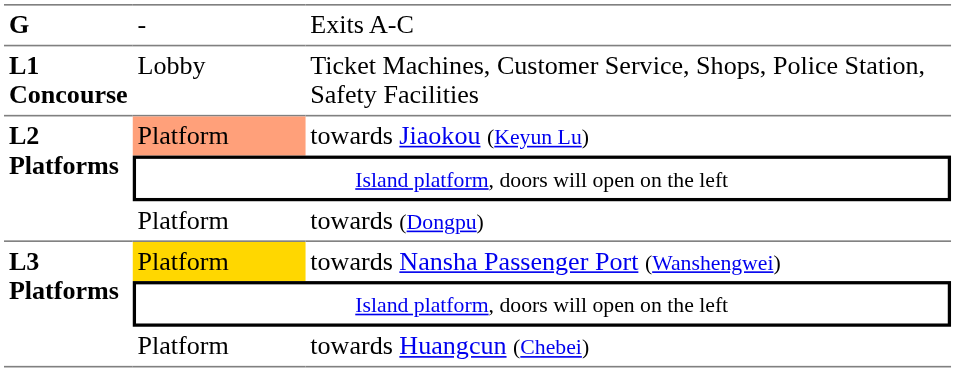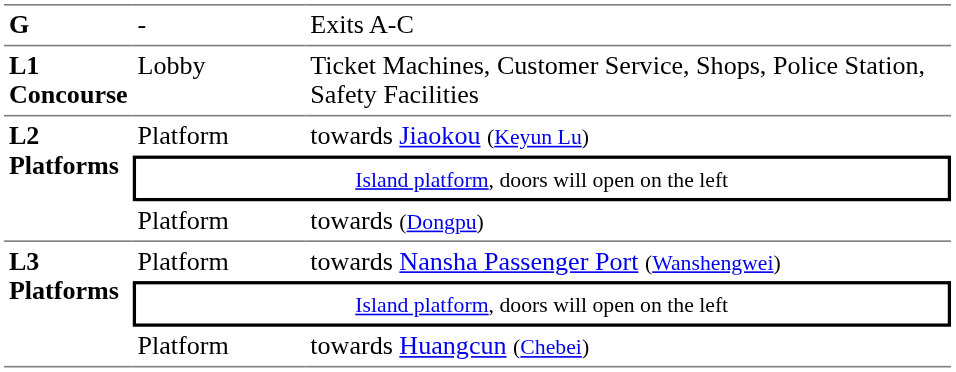 <table table border=0 cellspacing=0 cellpadding=3>
 <tr>
 <td style="border-top:solid 1px gray;" width=50 valign=top><strong>G</strong></td>
 <td style="border-top:solid 1px gray;" width=100 valign=top>-</td>
 <td style="border-top:solid 1px gray;" width=390 valign=top>Exits A-C</td>
 </tr>
 <tr>
 <td style="border-bottom:solid 1px gray; border-top:solid 1px gray;" valign=top width=50><strong>L1<br>Concourse</strong></td>
 <td style="border-bottom:solid 1px gray; border-top:solid 1px gray;" valign=top width=100>Lobby</td>
 <td style="border-bottom:solid 1px gray; border-top:solid 1px gray;" valign=top width=390>Ticket Machines, Customer Service, Shops, Police Station, Safety Facilities</td>
 </tr>
 <tr>
 <td style="border-bottom:solid 1px gray;" rowspan=3 valign=top><strong>L2<br>Platforms</strong></td>
-<td style="background: lightsalmon;">Platform </td>
+<td>Platform </td>
 <td>  towards <a href='#'>Jiaokou</a> <small>(<a href='#'>Keyun Lu</a>)</small></td>
 </tr>
 <tr>
 <td style="border-right:solid 2px black;border-left:solid 2px black;border-top:solid 2px black;border-bottom:solid 2px black;text-align:center;" colspan=2><small><a href='#'>Island platform</a>, doors will open on the left</small></td>
 </tr>
 <tr>
 <td style="border-bottom:solid 1px gray;">Platform </td>
 <td style="border-bottom:solid 1px gray;"> towards  <small>(<a href='#'>Dongpu</a>)</small> </td>
 </tr>
 <tr>
 <td style="border-bottom:solid 1px gray;" rowspan=3 valign=top><strong>L3<br>Platforms</strong></td>
-<td style="background: gold;">Platform </td>
+<td>Platform </td>
 <td>  towards <a href='#'>Nansha Passenger Port</a> <small>(<a href='#'>Wanshengwei</a>)</small></td>
 </tr>
 <tr>
 <td style="border-right:solid 2px black;border-left:solid 2px black;border-top:solid 2px black;border-bottom:solid 2px black;text-align:center;" colspan=2><small><a href='#'>Island platform</a>, doors will open on the left</small></td>
 </tr>
 <tr>
 <td style="border-bottom:solid 1px gray;">Platform </td>
 <td style="border-bottom:solid 1px gray;"> towards <a href='#'>Huangcun</a> <small>(<a href='#'>Chebei</a>)</small> </td>
 </tr>
 </table>
